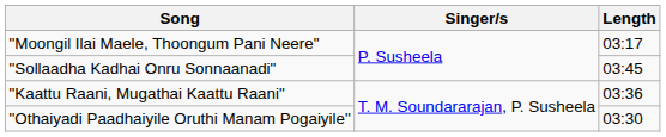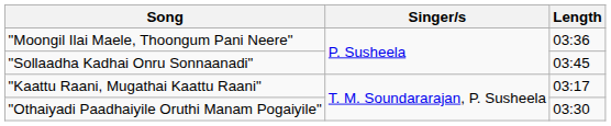 <table class="wikitable" style="font-size:95%;">
 <tr>
 <th>Song</th>
 <th>Singer/s</th>
 <th>Length</th>
 </tr>
 <tr>
 <td>"Moongil Ilai Maele, Thoongum Pani Neere"</td>
 <td rowspan=2><a href='#'>P. Susheela</a></td>
-<td>03:17</td>
+<td>03:36</td>
 </tr>
 <tr>
 <td>"Sollaadha Kadhai Onru Sonnaanadi"</td>
 <td>03:45</td>
 </tr>
 <tr>
 <td>"Kaattu Raani, Mugathai Kaattu Raani"</td>
 <td rowspan=2><a href='#'>T. M. Soundararajan</a>, P. Susheela</td>
-<td>03:36</td>
+<td>03:17</td>
 </tr>
 <tr>
 <td>"Othaiyadi Paadhaiyile Oruthi Manam Pogaiyile"</td>
 <td>03:30</td>
 </tr>
 </table>
